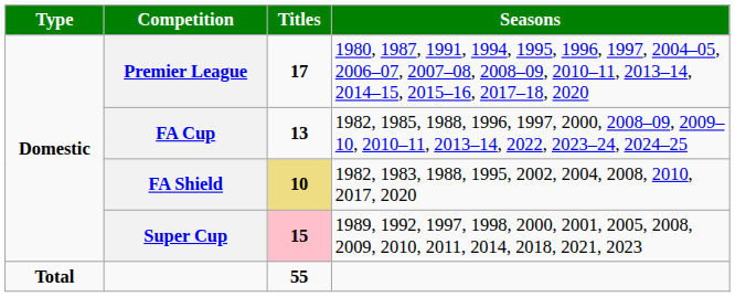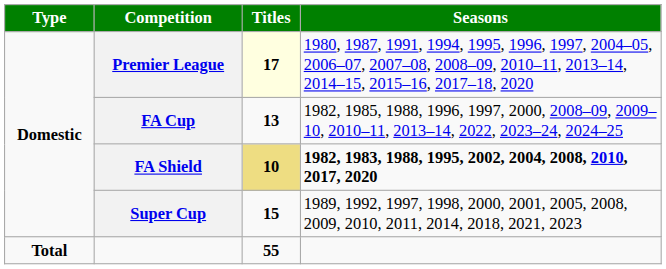 <table class="wikitable plainrowheaders" style="font-size:95%;">
 <tr>
 <th style="color:#FFFFFF; background:#008000;">Type</th>
 <th style="color:#FFFFFF; background:#008000;">Competition</th>
 <th style="color:#FFFFFF; background:#008000;">Titles</th>
 <th style="color:#FFFFFF; background:#008000;" width=55%>Seasons</th>
 </tr>
 <tr>
 <td align="center" rowspan="4"><strong>Domestic</strong></td>
 <th scope=col><a href='#'>Premier League</a></th>
-<td align="center"><strong>17 </strong></td>
+<td align="center" style="background: lightyellow;"><strong>17 </strong></td>
 <td><a href='#'>1980</a>, <a href='#'>1987</a>, <a href='#'>1991</a>, <a href='#'>1994</a>, <a href='#'>1995</a>, <a href='#'>1996</a>, <a href='#'>1997</a>, <a href='#'>2004–05</a>, <a href='#'>2006–07</a>, <a href='#'>2007–08</a>, <a href='#'>2008–09</a>, <a href='#'>2010–11</a>, <a href='#'>2013–14</a>, <a href='#'>2014–15</a>, <a href='#'>2015–16</a>, <a href='#'>2017–18</a>, <a href='#'>2020</a></td>
 </tr>
 <tr>
 <th scope=col><a href='#'>FA Cup</a></th>
 <td align="center"><strong>13</strong></td>
 <td>1982, 1985, 1988, 1996, 1997, 2000, <a href='#'>2008–09</a>, <a href='#'>2009–10</a>, <a href='#'>2010–11</a>, <a href='#'>2013–14</a>, <a href='#'>2022</a>, <a href='#'>2023–24</a>, <a href='#'>2024–25</a></td>
 </tr>
 <tr>
 <th scope=col><a href='#'>FA Shield</a></th>
 <td align="center" bgcolor=#eedd82><strong>10</strong></td>
-<td>1982, 1983, 1988, 1995, 2002, 2004, 2008, <a href='#'>2010</a>, 2017, 2020</td>
+<td><strong>1982, 1983, 1988, 1995, 2002, 2004, 2008, <a href='#'>2010</a>, 2017, 2020</strong></td>
 </tr>
 <tr>
 <th scope=col><a href='#'>Super Cup</a></th>
-<td align="center" style="background: pink;"><strong>15</strong></td>
+<td align="center"><strong>15</strong></td>
 <td>1989, 1992, 1997, 1998, 2000, 2001, 2005, 2008, 2009, 2010, 2011, 2014, 2018, 2021, 2023</td>
 </tr>
 <tr>
 <td align="center"><strong>Total</strong></td>
 <td></td>
 <td align="center"><strong>55</strong></td>
 </tr>
 </table>
